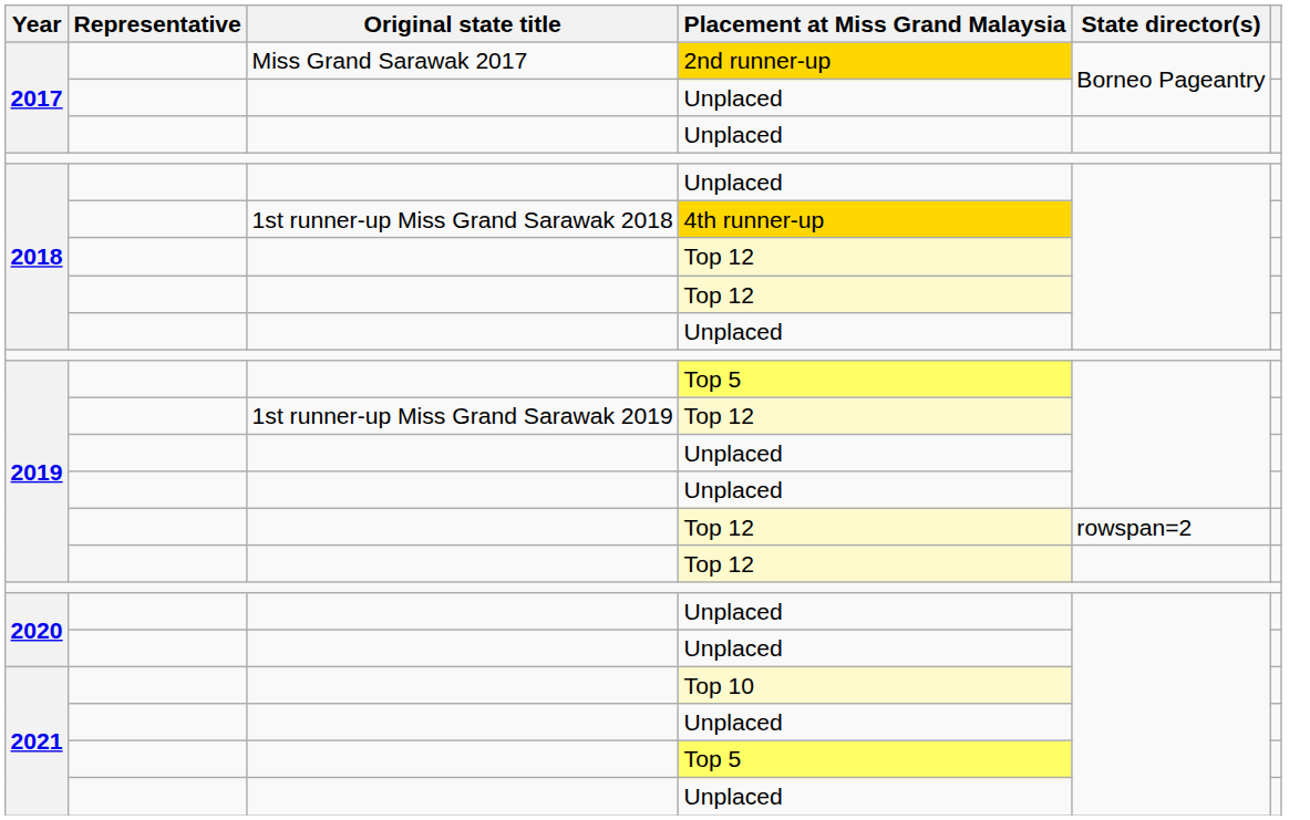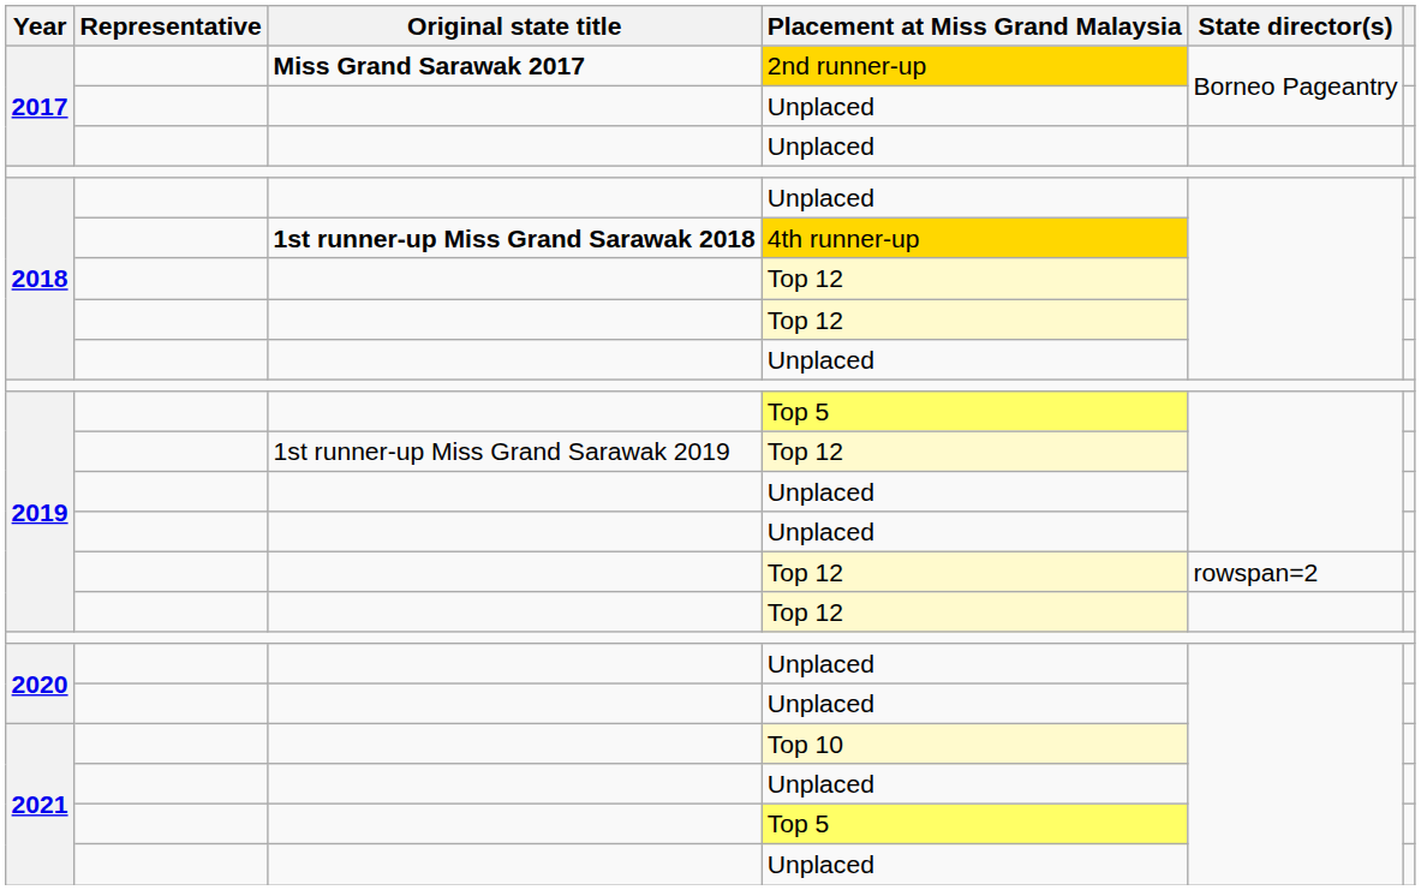 <table class="wikitable defaultcenter col2left" style="font-size:95%;">
 <tr>
 <th>Year</th>
 <th>Representative</th>
 <th>Original state title</th>
 <th>Placement at Miss Grand Malaysia</th>
 <th>State director(s)</th>
 <th></th>
 </tr>
 <tr>
 <th rowspan=3><a href='#'>2017</a></th>
 <td></td>
-<td>Miss Grand Sarawak 2017</td>
+<td><strong>Miss Grand Sarawak 2017</strong></td>
 <td bgcolor=gold>2nd runner-up</td>
 <td rowspan=2>Borneo Pageantry</td>
 <td></td>
 </tr>
 <tr>
 <td></td>
 <td></td>
 <td>Unplaced</td>
 <td></td>
 </tr>
 <tr>
 <td></td>
 <td></td>
 <td>Unplaced</td>
 <td></td>
 <td></td>
 </tr>
 <tr>
 <td colspan=6></td>
 </tr>
 <tr>
 <th rowspan=5><a href='#'>2018</a></th>
 <td></td>
 <td></td>
 <td>Unplaced</td>
 <td rowspan=5></td>
 <td></td>
 </tr>
 <tr>
 <td></td>
-<td>1st runner-up Miss Grand Sarawak 2018</td>
+<td><strong>1st runner-up Miss Grand Sarawak 2018</strong></td>
 <td bgcolor=gold>4th runner-up</td>
 <td></td>
 </tr>
 <tr>
 <td></td>
 <td></td>
 <td bgcolor=#FFFACD>Top 12</td>
 <td></td>
 </tr>
 <tr>
 <td></td>
 <td></td>
 <td bgcolor=#FFFACD>Top 12</td>
 <td></td>
 </tr>
 <tr>
 <td></td>
 <td></td>
 <td>Unplaced</td>
 <td></td>
 </tr>
 <tr>
 <td colspan=6></td>
 </tr>
 <tr>
 <th rowspan=6><a href='#'>2019</a></th>
 <td></td>
 <td></td>
 <td bgcolor=#FFFF66>Top 5</td>
 <td rowspan=4></td>
 <td></td>
 </tr>
 <tr>
 <td></td>
 <td>1st runner-up Miss Grand Sarawak 2019</td>
 <td bgcolor=#FFFACD>Top 12</td>
 <td></td>
 </tr>
 <tr>
 <td></td>
 <td></td>
 <td>Unplaced</td>
 <td></td>
 </tr>
 <tr>
 <td></td>
 <td></td>
 <td>Unplaced</td>
 <td></td>
 </tr>
 <tr>
 <td></td>
 <td></td>
 <td bgcolor=#FFFACD>Top 12</td>
 <td>rowspan=2 </td>
 <td></td>
 </tr>
 <tr>
 <td></td>
 <td></td>
 <td bgcolor=#FFFACD>Top 12</td>
 <td></td>
 </tr>
 <tr>
 <td colspan=6></td>
 </tr>
 <tr>
 <th rowspan=2><a href='#'>2020</a></th>
 <td></td>
 <td></td>
 <td>Unplaced</td>
 <td rowspan=6></td>
 <td></td>
 </tr>
 <tr>
 <td></td>
 <td></td>
 <td>Unplaced</td>
 <td></td>
 </tr>
 <tr>
 <th rowspan=4><a href='#'>2021</a></th>
 <td></td>
 <td></td>
 <td bgcolor=#FFFACD>Top 10</td>
 <td></td>
 </tr>
 <tr>
 <td></td>
 <td></td>
 <td>Unplaced</td>
 <td></td>
 </tr>
 <tr>
 <td></td>
 <td></td>
 <td bgcolor=#FFFF66>Top 5</td>
 <td></td>
 </tr>
 <tr>
 <td></td>
 <td></td>
 <td>Unplaced</td>
 <td></td>
 </tr>
 </table>
